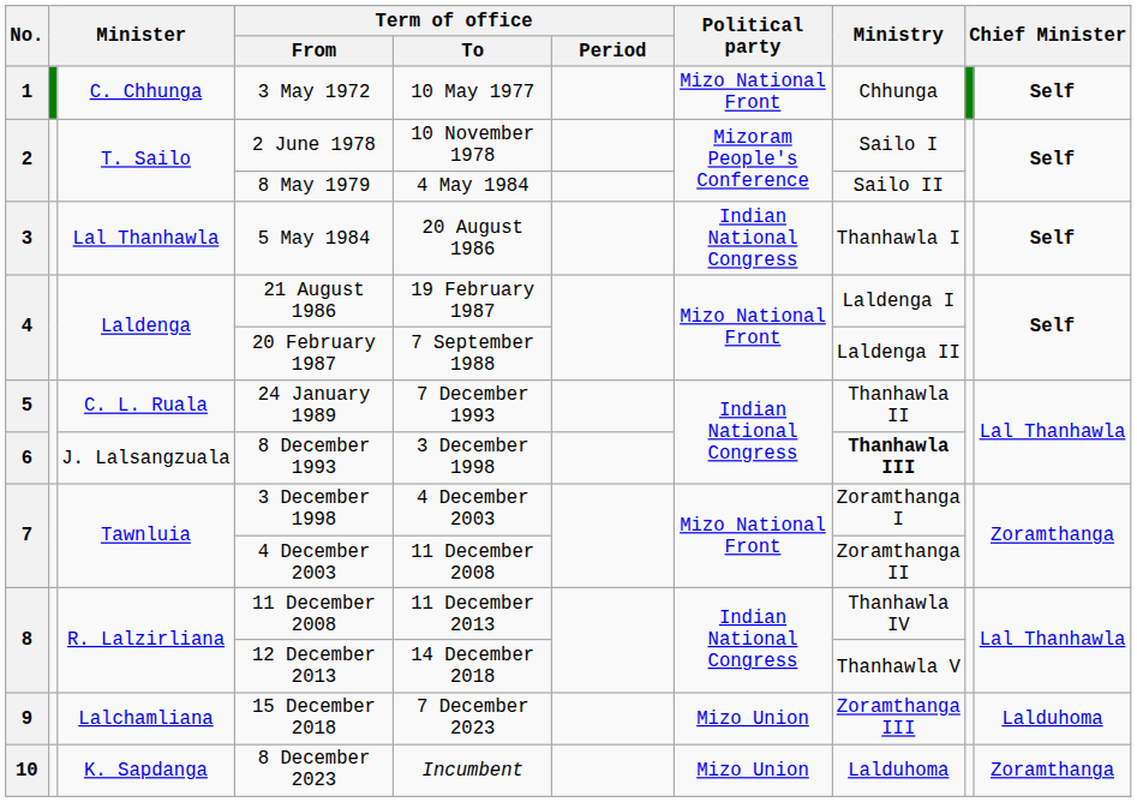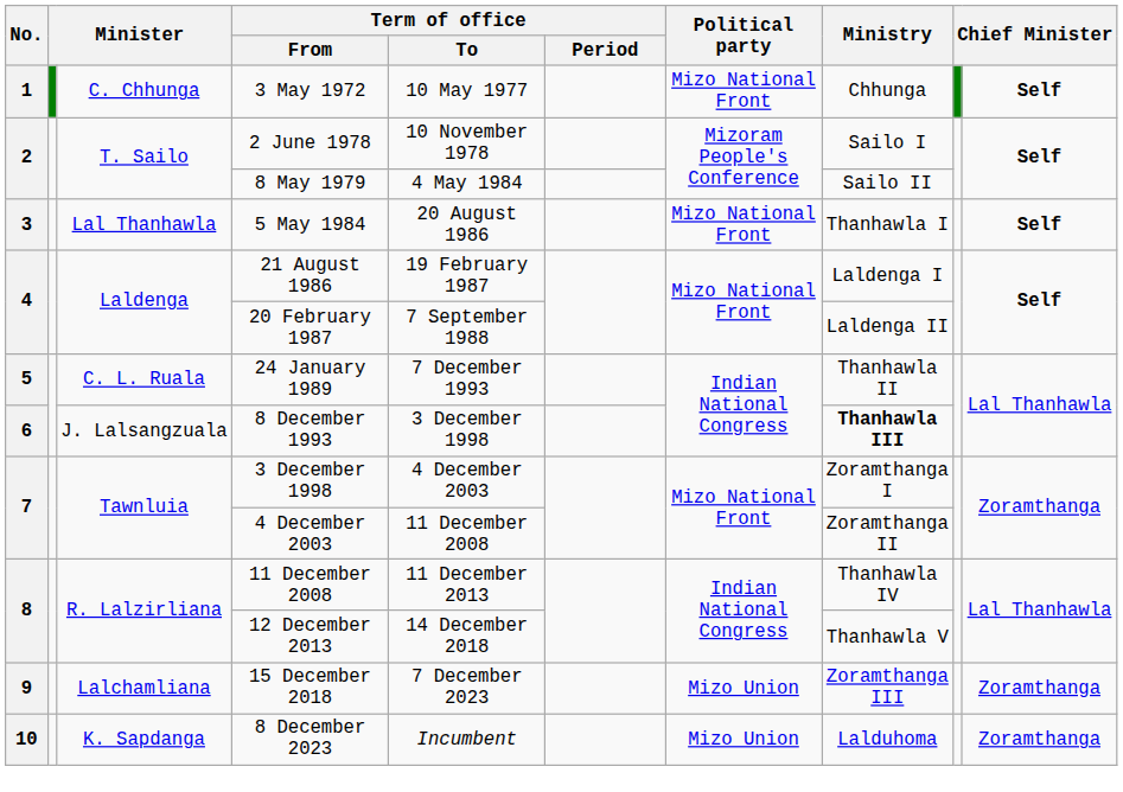 <table class="wikitable" style="text-align:center">
 <tr>
 <th rowspan="2">No.</th>
 <th rowspan="2" colspan="2">Minister</th>
 <th colspan="3">Term of office</th>
 <th rowspan="2" style="width:8em">Political party</th>
 <th rowspan="2" style="width:6em">Ministry</th>
 <th rowspan="2" colspan="2">Chief Minister</th>
 </tr>
 <tr>
 <th style="width:8em">From</th>
 <th style="width:8em">To</th>
 <th style="width:6em">Period</th>
 </tr>
 <tr>
 <th>1</th>
 <td style="background-color: green"></td>
 <td><a href='#'>C. Chhunga</a></td>
 <td>3 May 1972</td>
 <td>10 May 1977</td>
 <td></td>
 <td><a href='#'>Mizo National Front</a></td>
 <td>Chhunga</td>
 <td style="background-color: green"></td>
 <td><strong>Self</strong></td>
 </tr>
 <tr>
 <th rowspan="2">2</th>
 <td rowspan="2" style="background-color: "></td>
 <td rowspan="2"><a href='#'>T. Sailo</a></td>
 <td>2 June 1978</td>
 <td>10 November 1978</td>
 <td></td>
 <td rowspan="2"><a href='#'>Mizoram People's Conference</a></td>
 <td>Sailo I</td>
 <td rowspan="2" style="background-color: "></td>
 <td rowspan="2"><strong>Self</strong></td>
 </tr>
 <tr>
 <td>8 May 1979</td>
 <td>4 May 1984</td>
 <td></td>
 <td>Sailo II</td>
 </tr>
 <tr>
 <th>3</th>
 <td style="background-color: "></td>
 <td><a href='#'>Lal Thanhawla</a></td>
 <td>5 May 1984</td>
 <td>20 August 1986</td>
 <td></td>
-<td><a href='#'>Indian National Congress</a></td>
+<td><a href='#'>Mizo National Front</a></td>
 <td>Thanhawla I</td>
 <td style="background-color: "></td>
 <td><strong>Self</strong></td>
 </tr>
 <tr>
 <th rowspan=2>4</th>
 <td rowspan="2" style="background-color: "></td>
 <td rowspan="2"><a href='#'>Laldenga</a></td>
 <td>21 August 1986</td>
 <td>19 February 1987</td>
 <td rowspan=2></td>
 <td rowspan=2><a href='#'>Mizo National Front</a></td>
 <td>Laldenga I</td>
 <td rowspan="2" style="background-color: "></td>
 <td rowspan="2"><strong>Self</strong></td>
 </tr>
 <tr>
 <td>20 February 1987</td>
 <td>7 September 1988</td>
 <td>Laldenga II</td>
 </tr>
 <tr>
 <th>5</th>
 <td rowspan="2" style="background-color: "></td>
 <td><a href='#'>C. L. Ruala</a></td>
 <td>24 January 1989</td>
 <td>7 December 1993</td>
 <td></td>
 <td rowspan="2"><a href='#'>Indian National Congress</a></td>
 <td>Thanhawla II</td>
 <td rowspan="2" style="background-color: "></td>
 <td rowspan="2"><a href='#'>Lal Thanhawla</a></td>
 </tr>
 <tr>
 <th>6</th>
 <td>J. Lalsangzuala</td>
 <td>8 December 1993</td>
 <td>3 December 1998</td>
 <td></td>
 <td><strong>Thanhawla III</strong></td>
 </tr>
 <tr>
 <th rowspan="2">7</th>
 <td rowspan="2" style="background-color: "></td>
 <td rowspan="2"><a href='#'>Tawnluia</a></td>
 <td>3 December 1998</td>
 <td>4 December 2003</td>
 <td rowspan=2></td>
 <td rowspan="2"><a href='#'>Mizo National Front</a></td>
 <td>Zoramthanga I</td>
 <td rowspan="2" style="background-color: "></td>
 <td rowspan="2"><a href='#'>Zoramthanga</a></td>
 </tr>
 <tr>
 <td>4 December 2003</td>
 <td>11 December 2008</td>
 <td>Zoramthanga II</td>
 </tr>
 <tr>
 <th rowspan="2">8</th>
 <td rowspan="2" style="background-color: "></td>
 <td rowspan="2"><a href='#'>R. Lalzirliana</a></td>
 <td>11 December 2008</td>
 <td>11 December 2013</td>
 <td rowspan="2"></td>
 <td rowspan="2"><a href='#'>Indian National Congress</a></td>
 <td>Thanhawla IV</td>
 <td rowspan="2" style="background-color: "></td>
 <td rowspan="2"><a href='#'>Lal Thanhawla</a></td>
 </tr>
 <tr>
 <td>12 December 2013</td>
 <td>14 December 2018</td>
 <td>Thanhawla V</td>
 </tr>
 <tr>
 <th>9</th>
 <td style="background-color: "></td>
 <td><a href='#'>Lalchamliana</a></td>
 <td>15 December 2018</td>
 <td>7 December 2023</td>
 <td></td>
 <td><a href='#'>Mizo Union</a></td>
 <td><a href='#'>Zoramthanga III</a></td>
 <td style="background-color: "></td>
-<td><a href='#'>Lalduhoma</a></td>
+<td><a href='#'>Zoramthanga</a></td>
 </tr>
 <tr>
 <th>10</th>
 <td style="background-color: "></td>
 <td><a href='#'>K. Sapdanga</a></td>
 <td>8 December 2023</td>
 <td><em>Incumbent</em></td>
 <td></td>
 <td><a href='#'>Mizo Union</a></td>
 <td><a href='#'>Lalduhoma</a></td>
 <td style="background-color: "></td>
 <td><a href='#'>Zoramthanga</a></td>
 </tr>
 </table>
